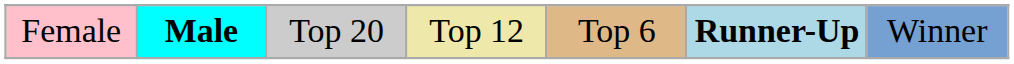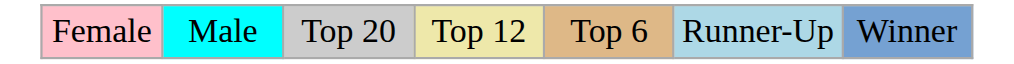 <table class="wikitable" style="margin:1em auto; text-align:center;">
 <tr>
 </tr>
 <tr>
 <td style="background:pink;" width="13%">Female</td>
-<td style="background:cyan;" width="13%"><strong>Male</strong></td>
+<td style="background:cyan;" width="13%">Male</td>
 <td style="background:#CCCCCC;" width="14%">Top 20</td>
 <td style="background:palegoldenrod;" width="14%">Top 12</td>
 <td style="background:#DEB887" width="14%">Top 6</td>
-<td style="background:lightblue" width="18%"><strong>Runner-Up</strong></td>
+<td style="background:lightblue" width="18%">Runner-Up</td>
 <td style="background:#75A1D2" width="18%">Winner</td>
 </tr>
 </table>
